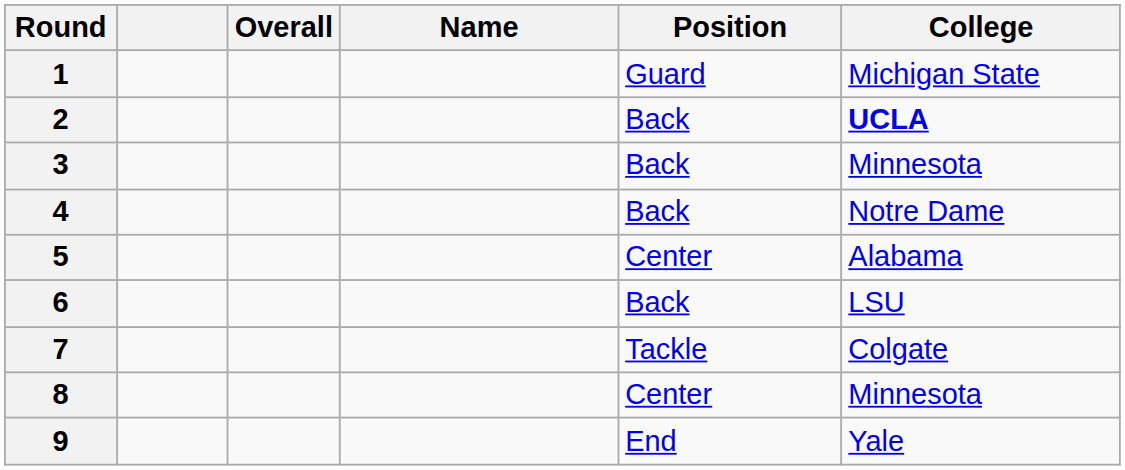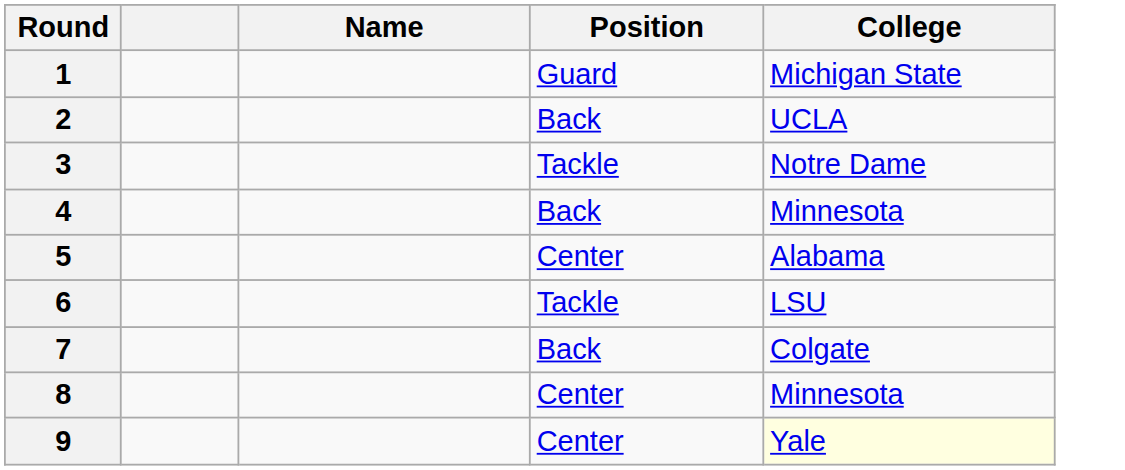 <table class="wikitable sortable">
 <tr>
 <th scope="col" style="width: 10%;">Round</th>
 <th scope="col" style="width: 10%;"></th>
-<th scope="col" style="width: 10%;">Overall</th>
 <th scope="col" style="width: 25%;">Name</th>
 <th scope="col" style="width: 20%;">Position</th>
 <th scope="col" style="width: 25%;">College</th>
 </tr>
 <tr>
 <th scope="row">1</th>
-<td></td>
 <td></td>
 <td></td>
 <td><a href='#'>Guard</a></td>
 <td><a href='#'>Michigan State</a></td>
 </tr>
 <tr>
 <th scope="row">2</th>
 <td></td>
 <td></td>
-<td></td>
 <td><a href='#'>Back</a></td>
-<td><strong><a href='#'>UCLA</a></strong></td>
+<td><a href='#'>UCLA</a></td>
 </tr>
 <tr>
 <th scope="row">3</th>
 <td></td>
+<td></td>
+<td><a href='#'>Tackle</a></td>
+<td><a href='#'>Notre Dame</a></td>
+</tr>
+<tr>
+<th scope="row">4</th>
 <td></td>
 <td></td>
 <td><a href='#'>Back</a></td>
 <td><a href='#'>Minnesota</a></td>
 </tr>
 <tr>
-<th scope="row">4</th>
-<td></td>
-<td></td>
-<td></td>
-<td><a href='#'>Back</a></td>
-<td><a href='#'>Notre Dame</a></td>
-</tr>
-<tr>
 <th scope="row">5</th>
-<td></td>
 <td></td>
 <td></td>
 <td><a href='#'>Center</a></td>
 <td><a href='#'>Alabama</a></td>
 </tr>
 <tr>
 <th scope="row">6</th>
 <td></td>
 <td></td>
-<td></td>
-<td><a href='#'>Back</a></td>
+<td><a href='#'>Tackle</a></td>
 <td><a href='#'>LSU</a></td>
 </tr>
 <tr>
 <th scope="row">7</th>
 <td></td>
 <td></td>
-<td></td>
-<td><a href='#'>Tackle</a></td>
+<td><a href='#'>Back</a></td>
 <td><a href='#'>Colgate</a></td>
 </tr>
 <tr>
 <th scope="row">8</th>
-<td></td>
 <td></td>
 <td></td>
 <td><a href='#'>Center</a></td>
 <td><a href='#'>Minnesota</a></td>
 </tr>
 <tr>
 <th scope="row">9</th>
 <td></td>
 <td></td>
-<td></td>
-<td><a href='#'>End</a></td>
-<td><a href='#'>Yale</a></td>
+<td><a href='#'>Center</a></td>
+<td style="background: lightyellow;"><a href='#'>Yale</a></td>
 </tr>
 </table>
